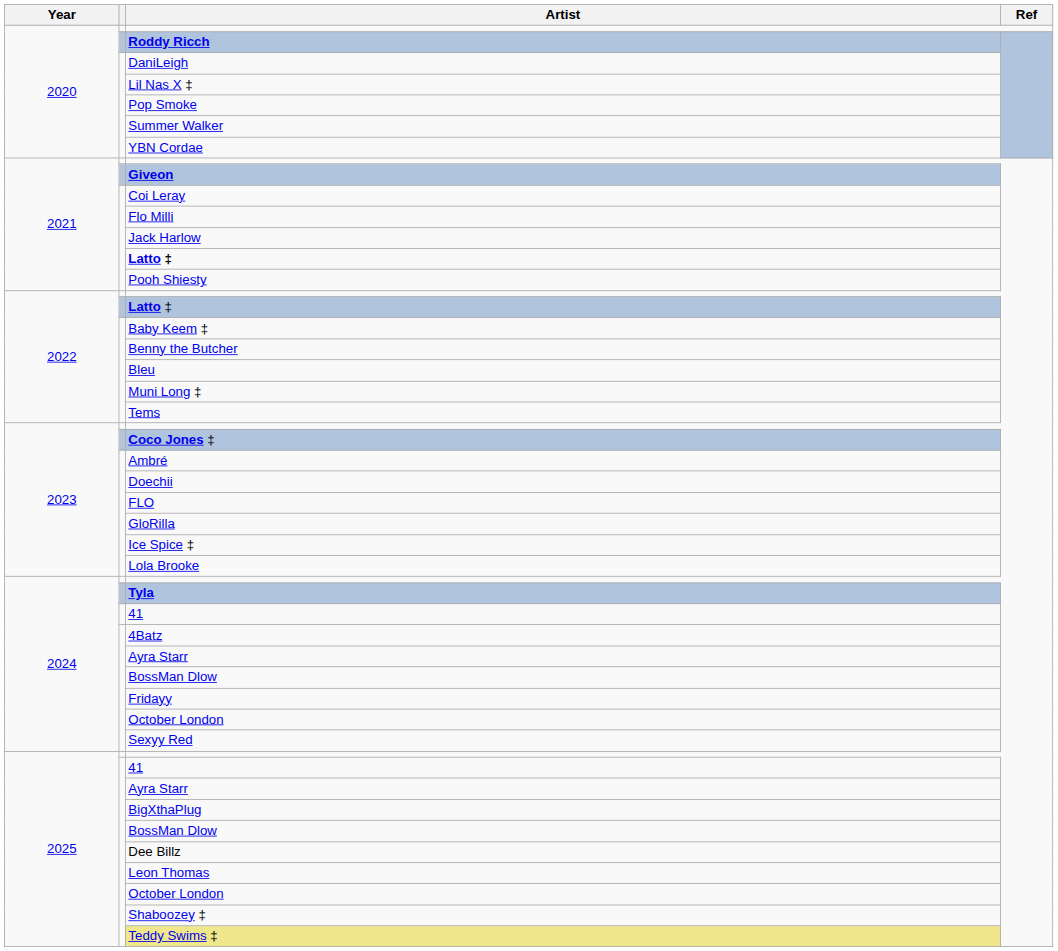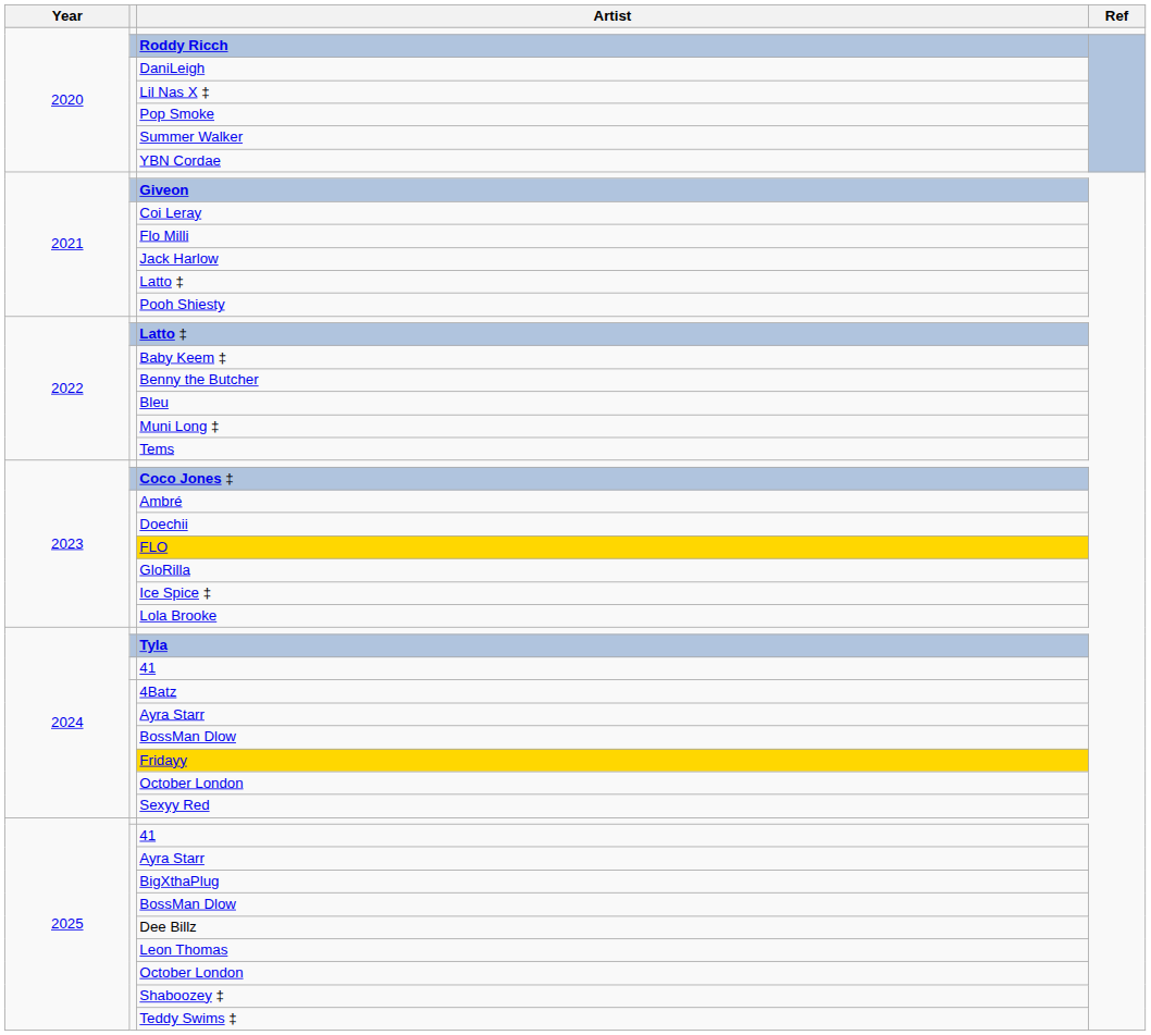 <table class="wikitable" style="width:100%;">
 <tr style="background:#bebebe;">
 <th style="width:11%;">Year</th>
 <th></th>
 <th style="width:84%;">Artist</th>
 <th style="width:5%;">Ref</th>
 </tr>
 <tr>
 <td rowspan="7" align="center"><a href='#'>2020</a></td>
 <td></td>
 </tr>
 <tr style="background:#B0C4DE">
 <td></td>
 <td><strong><a href='#'>Roddy Ricch</a></strong></td>
 <td rowspan="6" align="center"></td>
 </tr>
 <tr>
 <td rowspan="5"></td>
 <td><a href='#'>DaniLeigh</a></td>
 </tr>
 <tr>
 <td><a href='#'>Lil Nas X</a> ‡</td>
 </tr>
 <tr>
 <td><a href='#'>Pop Smoke</a></td>
 </tr>
 <tr>
 <td><a href='#'>Summer Walker</a></td>
 </tr>
 <tr>
 <td><a href='#'>YBN Cordae</a></td>
 </tr>
 <tr>
 <td rowspan="7" align="center"><a href='#'>2021</a></td>
 <td></td>
 </tr>
 <tr style="background:#B0C4DE">
 <td></td>
 <td><strong><a href='#'>Giveon</a></strong></td>
 </tr>
 <tr>
 <td rowspan="5"></td>
 <td><a href='#'>Coi Leray</a></td>
 </tr>
 <tr>
 <td><a href='#'>Flo Milli</a></td>
 </tr>
 <tr>
 <td><a href='#'>Jack Harlow</a></td>
 </tr>
 <tr>
-<td><strong><a href='#'>Latto</a> ‡</strong></td>
+<td><a href='#'>Latto</a> ‡</td>
 </tr>
 <tr>
 <td><a href='#'>Pooh Shiesty</a></td>
 </tr>
 <tr>
 <td rowspan="7" align="center"><a href='#'>2022</a></td>
 <td></td>
 </tr>
 <tr style="background:#B0C4DE">
 <td></td>
 <td><strong><a href='#'>Latto</a></strong> ‡</td>
 </tr>
 <tr>
 <td rowspan="5"></td>
 <td><a href='#'>Baby Keem</a> ‡</td>
 </tr>
 <tr>
 <td><a href='#'>Benny the Butcher</a></td>
 </tr>
 <tr>
 <td><a href='#'>Bleu</a></td>
 </tr>
 <tr>
 <td><a href='#'>Muni Long</a> ‡</td>
 </tr>
 <tr>
 <td><a href='#'>Tems</a></td>
 </tr>
 <tr>
 <td rowspan="8" align="center"><a href='#'>2023</a></td>
 <td></td>
 </tr>
 <tr style="background:#B0C4DE">
 <td></td>
 <td><strong><a href='#'>Coco Jones</a></strong> ‡</td>
 </tr>
 <tr>
 <td rowspan="6"></td>
 <td><a href='#'>Ambré</a></td>
 </tr>
 <tr>
 <td><a href='#'>Doechii</a></td>
 </tr>
 <tr>
-<td><a href='#'>FLO</a></td>
+<td style="background: gold;"><a href='#'>FLO</a></td>
 </tr>
 <tr>
 <td><a href='#'>GloRilla</a></td>
 </tr>
 <tr>
 <td><a href='#'>Ice Spice</a> ‡</td>
 </tr>
 <tr>
 <td><a href='#'>Lola Brooke</a></td>
 </tr>
 <tr>
 <td rowspan="9" align="center"><a href='#'>2024</a></td>
 <td></td>
 </tr>
 <tr style="background:#B0C4DE">
 <td></td>
 <td><strong><a href='#'>Tyla</a></strong></td>
 </tr>
 <tr>
 <td></td>
 <td><a href='#'>41</a></td>
 </tr>
 <tr>
 <td rowspan="6"></td>
 <td><a href='#'>4Batz</a></td>
 </tr>
 <tr>
 <td><a href='#'>Ayra Starr</a></td>
 </tr>
 <tr>
 <td><a href='#'>BossMan Dlow</a></td>
 </tr>
 <tr>
-<td><a href='#'>Fridayy</a></td>
+<td style="background: gold;"><a href='#'>Fridayy</a></td>
 </tr>
 <tr>
 <td><a href='#'>October London</a></td>
 </tr>
 <tr>
 <td><a href='#'>Sexyy Red</a></td>
 </tr>
 <tr>
 <td rowspan="10" align="center"><a href='#'>2025</a></td>
 <td></td>
 </tr>
 <tr>
 <td rowspan="9"></td>
 <td><a href='#'>41</a></td>
 </tr>
 <tr>
 <td><a href='#'>Ayra Starr</a></td>
 </tr>
 <tr>
 <td><a href='#'>BigXthaPlug</a></td>
 </tr>
 <tr>
 <td><a href='#'>BossMan Dlow</a></td>
 </tr>
 <tr>
 <td>Dee Billz</td>
 </tr>
 <tr>
 <td><a href='#'>Leon Thomas</a></td>
 </tr>
 <tr>
 <td><a href='#'>October London</a></td>
 </tr>
 <tr>
 <td><a href='#'>Shaboozey</a> ‡</td>
 </tr>
 <tr>
-<td style="background: khaki;"><a href='#'>Teddy Swims</a> ‡</td>
+<td><a href='#'>Teddy Swims</a> ‡</td>
 </tr>
 </table>
